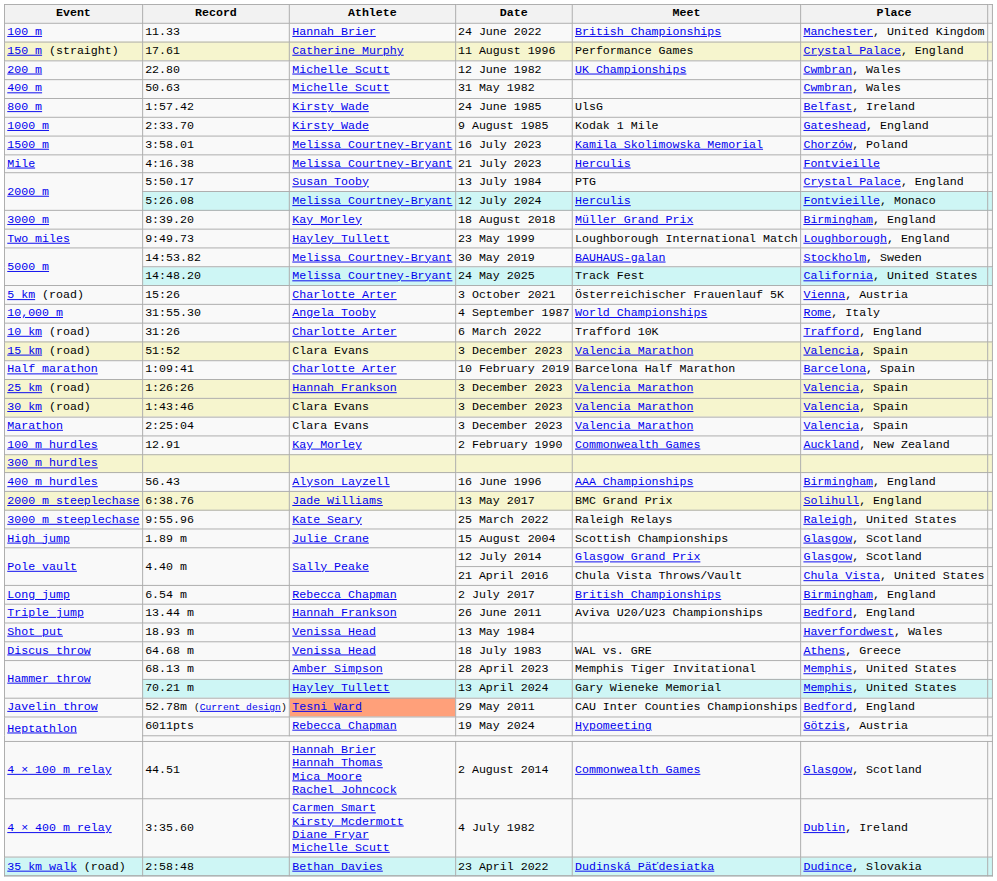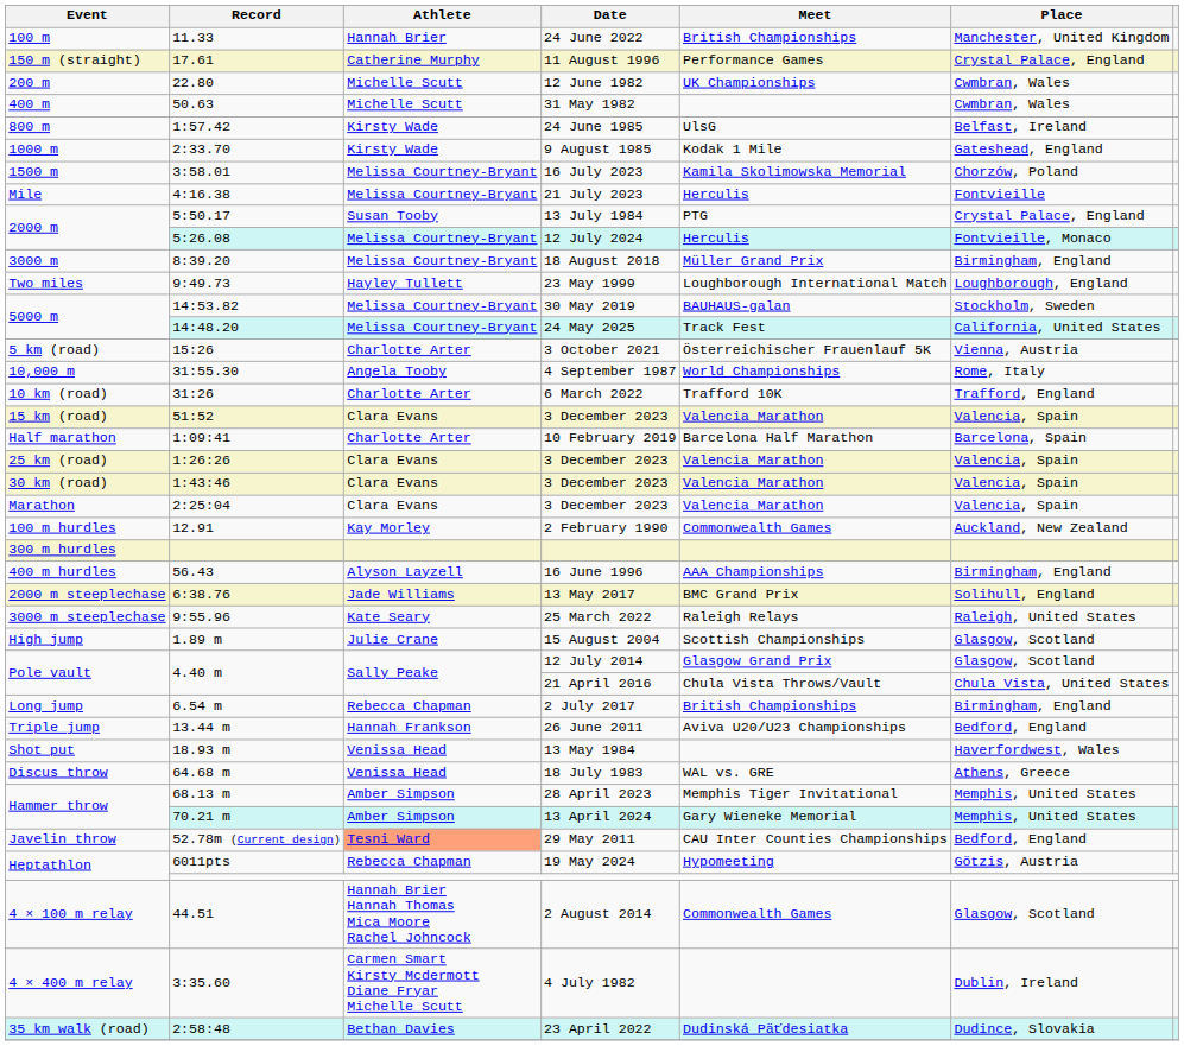 <table class="wikitable" style="font-size:95%;">
 <tr>
 <th>Event</th>
 <th>Record</th>
 <th>Athlete</th>
 <th>Date</th>
 <th>Meet</th>
 <th>Place</th>
 <th></th>
 </tr>
 <tr>
 <td><a href='#'>100 m</a></td>
 <td>11.33 </td>
 <td><a href='#'>Hannah Brier</a></td>
 <td>24 June 2022</td>
 <td><a href='#'>British Championships</a></td>
 <td><a href='#'>Manchester</a>, United Kingdom</td>
 <td></td>
 </tr>
 <tr style="background:#f6F5CE;">
 <td><a href='#'>150 m</a> (straight)</td>
 <td>17.61 </td>
 <td><a href='#'>Catherine Murphy</a></td>
 <td>11 August 1996</td>
 <td>Performance Games</td>
 <td><a href='#'>Crystal Palace</a>, England</td>
 <td></td>
 </tr>
 <tr>
 <td><a href='#'>200 m</a></td>
 <td>22.80 </td>
 <td><a href='#'>Michelle Scutt</a></td>
 <td>12 June 1982</td>
 <td><a href='#'>UK Championships</a></td>
 <td><a href='#'>Cwmbran</a>, Wales</td>
 <td></td>
 </tr>
 <tr>
 <td><a href='#'>400 m</a></td>
 <td>50.63</td>
 <td><a href='#'>Michelle Scutt</a></td>
 <td>31 May 1982</td>
 <td></td>
 <td><a href='#'>Cwmbran</a>, Wales</td>
 <td></td>
 </tr>
 <tr>
 <td><a href='#'>800 m</a></td>
 <td>1:57.42</td>
 <td><a href='#'>Kirsty Wade</a></td>
 <td>24 June 1985</td>
 <td>UlsG</td>
 <td><a href='#'>Belfast</a>, Ireland</td>
 <td></td>
 </tr>
 <tr>
 <td><a href='#'>1000 m</a></td>
 <td>2:33.70</td>
 <td><a href='#'>Kirsty Wade</a></td>
 <td>9 August 1985</td>
 <td>Kodak 1 Mile</td>
 <td><a href='#'>Gateshead</a>, England</td>
 <td></td>
 </tr>
 <tr>
 <td><a href='#'>1500 m</a></td>
 <td>3:58.01</td>
 <td><a href='#'>Melissa Courtney-Bryant</a></td>
 <td>16 July 2023</td>
 <td><a href='#'>Kamila Skolimowska Memorial</a></td>
 <td><a href='#'>Chorzów</a>, Poland</td>
 <td></td>
 </tr>
 <tr>
 <td><a href='#'>Mile</a></td>
 <td>4:16.38</td>
 <td><a href='#'>Melissa Courtney-Bryant</a></td>
 <td>21 July 2023</td>
 <td><a href='#'>Herculis</a></td>
 <td><a href='#'>Fontvieille</a></td>
 <td></td>
 </tr>
 <tr>
 <td rowspan=2><a href='#'>2000 m</a></td>
 <td>5:50.17</td>
 <td><a href='#'>Susan Tooby</a></td>
 <td>13 July 1984</td>
 <td>PTG</td>
 <td><a href='#'>Crystal Palace</a>, England</td>
 <td></td>
 </tr>
 <tr style="background:#CEF6F5">
 <td>5:26.08</td>
 <td><a href='#'>Melissa Courtney-Bryant</a></td>
 <td>12 July 2024</td>
 <td><a href='#'>Herculis</a></td>
 <td><a href='#'>Fontvieille</a>, Monaco</td>
 <td></td>
 </tr>
 <tr>
 <td><a href='#'>3000 m</a></td>
 <td>8:39.20</td>
-<td><a href='#'>Kay Morley</a></td>
+<td><a href='#'>Melissa Courtney-Bryant</a></td>
 <td>18 August 2018</td>
 <td><a href='#'>Müller Grand Prix</a></td>
 <td><a href='#'>Birmingham</a>, England</td>
 <td></td>
 </tr>
 <tr>
 <td><a href='#'>Two miles</a></td>
 <td>9:49.73</td>
 <td><a href='#'>Hayley Tullett</a></td>
 <td>23 May 1999</td>
 <td>Loughborough International Match</td>
 <td><a href='#'>Loughborough</a>, England</td>
 <td></td>
 </tr>
 <tr>
 <td rowspan=2><a href='#'>5000 m</a></td>
 <td>14:53.82</td>
 <td><a href='#'>Melissa Courtney-Bryant</a></td>
 <td>30 May 2019</td>
 <td><a href='#'>BAUHAUS-galan</a></td>
 <td><a href='#'>Stockholm</a>, Sweden</td>
 <td></td>
 </tr>
 <tr style="background:#CEF6F5">
 <td>14:48.20</td>
 <td><a href='#'>Melissa Courtney-Bryant</a></td>
 <td>24 May 2025</td>
 <td>Track Fest</td>
 <td><a href='#'>California</a>, United States</td>
 <td></td>
 </tr>
 <tr>
 <td><a href='#'>5 km</a> (road)</td>
 <td>15:26</td>
 <td><a href='#'>Charlotte Arter</a></td>
 <td>3 October 2021</td>
 <td>Österreichischer Frauenlauf 5K</td>
 <td><a href='#'>Vienna</a>, Austria</td>
 <td></td>
 </tr>
 <tr>
 <td><a href='#'>10,000 m</a></td>
 <td>31:55.30</td>
 <td><a href='#'>Angela Tooby</a></td>
 <td>4 September 1987</td>
 <td><a href='#'>World Championships</a></td>
 <td><a href='#'>Rome</a>, Italy</td>
 <td></td>
 </tr>
 <tr>
 <td><a href='#'>10 km</a> (road)</td>
 <td>31:26</td>
 <td><a href='#'>Charlotte Arter</a></td>
 <td>6 March 2022</td>
 <td>Trafford 10K</td>
 <td><a href='#'>Trafford</a>, England</td>
 <td></td>
 </tr>
 <tr style="background:#f6F5CE;">
 <td><a href='#'>15 km</a> (road)</td>
 <td>51:52</td>
 <td>Clara Evans</td>
 <td>3 December 2023</td>
 <td><a href='#'>Valencia Marathon</a></td>
 <td><a href='#'>Valencia</a>, Spain</td>
 <td></td>
 </tr>
 <tr>
 <td><a href='#'>Half marathon</a></td>
 <td>1:09:41</td>
 <td><a href='#'>Charlotte Arter</a></td>
 <td>10 February 2019</td>
 <td>Barcelona Half Marathon</td>
 <td><a href='#'>Barcelona</a>, Spain</td>
 <td></td>
 </tr>
 <tr style="background:#f6F5CE;">
 <td><a href='#'>25 km</a> (road)</td>
 <td>1:26:26</td>
-<td><a href='#'>Hannah Frankson</a></td>
+<td>Clara Evans</td>
 <td>3 December 2023</td>
 <td><a href='#'>Valencia Marathon</a></td>
 <td><a href='#'>Valencia</a>, Spain</td>
 <td></td>
 </tr>
 <tr style="background:#f6F5CE;">
 <td><a href='#'>30 km</a> (road)</td>
 <td>1:43:46</td>
 <td>Clara Evans</td>
 <td>3 December 2023</td>
 <td><a href='#'>Valencia Marathon</a></td>
 <td><a href='#'>Valencia</a>, Spain</td>
 <td></td>
 </tr>
 <tr>
 <td><a href='#'>Marathon</a></td>
 <td>2:25:04</td>
 <td>Clara Evans</td>
 <td>3 December 2023</td>
 <td><a href='#'>Valencia Marathon</a></td>
 <td><a href='#'>Valencia</a>, Spain</td>
 <td></td>
 </tr>
 <tr>
 <td><a href='#'>100 m hurdles</a></td>
 <td>12.91 </td>
 <td><a href='#'>Kay Morley</a></td>
 <td>2 February 1990</td>
 <td><a href='#'>Commonwealth Games</a></td>
 <td><a href='#'>Auckland</a>, New Zealand</td>
 <td></td>
 </tr>
 <tr style="background:#f6F5CE;">
 <td><a href='#'>300 m hurdles</a></td>
 <td></td>
 <td></td>
 <td></td>
 <td></td>
 <td></td>
 <td></td>
 </tr>
 <tr>
 <td><a href='#'>400 m hurdles</a></td>
 <td>56.43</td>
 <td><a href='#'>Alyson Layzell</a></td>
 <td>16 June 1996</td>
 <td><a href='#'>AAA Championships</a></td>
 <td><a href='#'>Birmingham</a>, England</td>
 <td></td>
 </tr>
 <tr style="background:#f6F5CE;">
 <td><a href='#'>2000 m steeplechase</a></td>
 <td>6:38.76</td>
 <td><a href='#'>Jade Williams</a></td>
 <td>13 May 2017</td>
 <td>BMC Grand Prix</td>
 <td><a href='#'>Solihull</a>, England</td>
 <td></td>
 </tr>
 <tr>
 <td><a href='#'>3000 m steeplechase</a></td>
 <td>9:55.96</td>
 <td><a href='#'>Kate Seary</a></td>
 <td>25 March 2022</td>
 <td>Raleigh Relays</td>
 <td><a href='#'>Raleigh</a>, United States</td>
 <td></td>
 </tr>
 <tr>
 <td><a href='#'>High jump</a></td>
 <td>1.89 m</td>
 <td><a href='#'>Julie Crane</a></td>
 <td>15 August 2004</td>
 <td>Scottish Championships</td>
 <td><a href='#'>Glasgow</a>, Scotland</td>
 <td></td>
 </tr>
 <tr>
 <td rowspan=2><a href='#'>Pole vault</a></td>
 <td rowspan=2>4.40 m</td>
 <td rowspan=2><a href='#'>Sally Peake</a></td>
 <td>12 July 2014</td>
 <td><a href='#'>Glasgow Grand Prix</a></td>
 <td><a href='#'>Glasgow</a>, Scotland</td>
 <td></td>
 </tr>
 <tr>
 <td>21 April 2016</td>
 <td>Chula Vista Throws/Vault</td>
 <td><a href='#'>Chula Vista</a>, United States</td>
 <td></td>
 </tr>
 <tr>
 <td><a href='#'>Long jump</a></td>
 <td>6.54 m </td>
 <td><a href='#'>Rebecca Chapman</a></td>
 <td>2 July 2017</td>
 <td><a href='#'>British Championships</a></td>
 <td><a href='#'>Birmingham</a>, England</td>
 <td></td>
 </tr>
 <tr>
 <td><a href='#'>Triple jump</a></td>
 <td>13.44 m </td>
 <td><a href='#'>Hannah Frankson</a></td>
 <td>26 June 2011</td>
 <td>Aviva U20/U23 Championships</td>
 <td><a href='#'>Bedford</a>, England</td>
 <td></td>
 </tr>
 <tr>
 <td><a href='#'>Shot put</a></td>
 <td>18.93 m</td>
 <td><a href='#'>Venissa Head</a></td>
 <td>13 May 1984</td>
 <td></td>
 <td><a href='#'>Haverfordwest</a>, Wales</td>
 <td></td>
 </tr>
 <tr>
 <td><a href='#'>Discus throw</a></td>
 <td>64.68 m</td>
 <td><a href='#'>Venissa Head</a></td>
 <td>18 July 1983</td>
 <td>WAL vs. GRE</td>
 <td><a href='#'>Athens</a>, Greece</td>
 <td></td>
 </tr>
 <tr>
 <td rowspan=2><a href='#'>Hammer throw</a></td>
 <td>68.13 m</td>
 <td><a href='#'>Amber Simpson</a></td>
 <td>28 April 2023</td>
 <td>Memphis Tiger Invitational</td>
 <td><a href='#'>Memphis</a>, United States</td>
 <td></td>
 </tr>
 <tr style="background:#CEF6F5">
 <td>70.21 m</td>
-<td><a href='#'>Hayley Tullett</a></td>
+<td><a href='#'>Amber Simpson</a></td>
 <td>13 April 2024</td>
 <td>Gary Wieneke Memorial</td>
 <td><a href='#'>Memphis</a>, United States</td>
 <td></td>
 </tr>
 <tr>
 <td><a href='#'>Javelin throw</a></td>
 <td>52.78m <small>(<a href='#'>Current design</a>)</small></td>
 <td style="background: lightsalmon;"><a href='#'>Tesni Ward</a></td>
 <td>29 May 2011</td>
 <td>CAU Inter Counties Championships</td>
 <td><a href='#'>Bedford</a>, England</td>
 <td></td>
 </tr>
 <tr>
 <td rowspan=2><a href='#'>Heptathlon</a></td>
 <td>6011pts</td>
 <td><a href='#'>Rebecca Chapman</a></td>
 <td>19 May 2024</td>
 <td><a href='#'>Hypomeeting</a></td>
 <td><a href='#'>Götzis</a>, Austria</td>
 <td></td>
 </tr>
 <tr>
 <td colspan=7></td>
 </tr>
 <tr>
 <td><a href='#'>4 × 100 m relay</a></td>
 <td>44.51</td>
 <td><a href='#'>Hannah Brier</a><br><a href='#'>Hannah Thomas</a><br><a href='#'>Mica Moore</a><br><a href='#'>Rachel Johncock</a></td>
 <td>2 August 2014</td>
 <td><a href='#'>Commonwealth Games</a></td>
 <td><a href='#'>Glasgow</a>, Scotland</td>
 <td></td>
 </tr>
 <tr>
 <td><a href='#'>4 × 400 m relay</a></td>
 <td>3:35.60</td>
 <td><a href='#'>Carmen Smart</a><br><a href='#'>Kirsty Mcdermott</a><br><a href='#'>Diane Fryar</a><br><a href='#'>Michelle Scutt</a></td>
 <td>4 July 1982</td>
 <td></td>
 <td><a href='#'>Dublin</a>, Ireland</td>
 <td></td>
 </tr>
 <tr style="background:#CEF6F5">
 <td><a href='#'>35 km walk</a> (road)</td>
 <td>2:58:48</td>
 <td><a href='#'>Bethan Davies</a></td>
 <td>23 April 2022</td>
 <td><a href='#'>Dudinská Päťdesiatka</a></td>
 <td><a href='#'>Dudince</a>, Slovakia</td>
 <td></td>
 </tr>
 <tr>
 </tr>
 </table>
